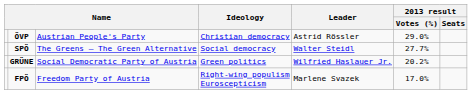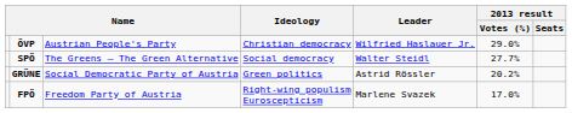 <table class="wikitable">
 <tr>
 <th rowspan="2" colspan="3">Name</th>
 <th rowspan="2">Ideology</th>
 <th rowspan="2">Leader</th>
 <th colspan="2">2013 result</th>
 </tr>
 <tr>
 <th>Votes (%)</th>
 <th>Seats</th>
 </tr>
 <tr>
 <td style="background:"></td>
 <td style="text-align:center;"><strong>ÖVP</strong></td>
 <td><a href='#'>Austrian People's Party</a><br></td>
 <td><a href='#'>Christian democracy</a></td>
-<td>Astrid Rössler</td>
+<td><a href='#'>Wilfried Haslauer Jr.</a></td>
 <td style="text-align:center;">29.0%</td>
 <td></td>
 </tr>
 <tr>
 <td style="background:"></td>
 <td style="text-align:center;"><strong>SPÖ</strong></td>
 <td><a href='#'>The Greens – The Green Alternative</a><br></td>
 <td><a href='#'>Social democracy</a></td>
 <td><a href='#'>Walter Steidl</a></td>
 <td style="text-align:center;">27.7%</td>
 <td></td>
 </tr>
 <tr>
 <td style="background:"></td>
 <td style="text-align:center;"><strong>GRÜNE</strong></td>
 <td><a href='#'>Social Democratic Party of Austria</a><br></td>
 <td><a href='#'>Green politics</a></td>
-<td><a href='#'>Wilfried Haslauer Jr.</a></td>
+<td>Astrid Rössler</td>
 <td style="text-align:center;">20.2%</td>
 <td></td>
 </tr>
 <tr>
 <td style="background:"></td>
 <td style="text-align:center;"><strong>FPÖ</strong></td>
 <td><a href='#'>Freedom Party of Austria</a><br></td>
 <td><a href='#'>Right-wing populism</a><br><a href='#'>Euroscepticism</a></td>
 <td>Marlene Svazek</td>
 <td style="text-align:center;">17.0%</td>
 <td></td>
 </tr>
 </table>
